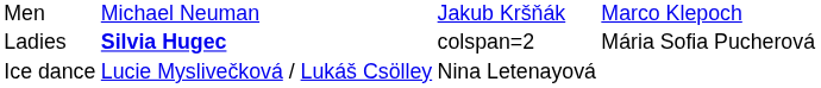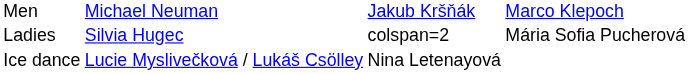 <table>
 <tr>
 <td>Men</td>
 <td><a href='#'>Michael Neuman</a></td>
 <td><a href='#'>Jakub Kršňák</a></td>
 <td><a href='#'>Marco Klepoch</a></td>
 </tr>
 <tr>
 <td>Ladies</td>
-<td><strong><a href='#'>Silvia Hugec</a></strong></td>
+<td><a href='#'>Silvia Hugec</a></td>
 <td>colspan=2 </td>
 <td>Mária Sofia Pucherová</td>
 </tr>
 <tr>
 <td>Ice dance</td>
 <td><a href='#'>Lucie Myslivečková</a> / <a href='#'>Lukáš Csölley</a></td>
 <td>Nina Letenayová</td>
 </tr>
 </table>
